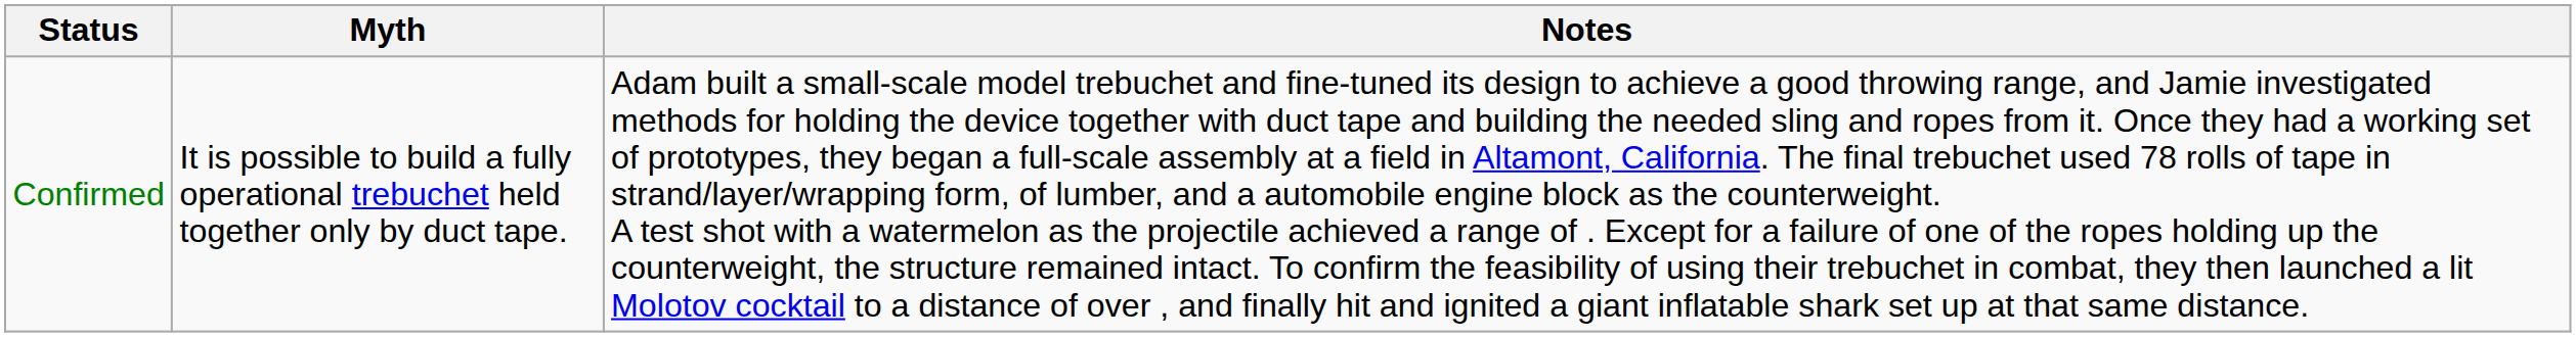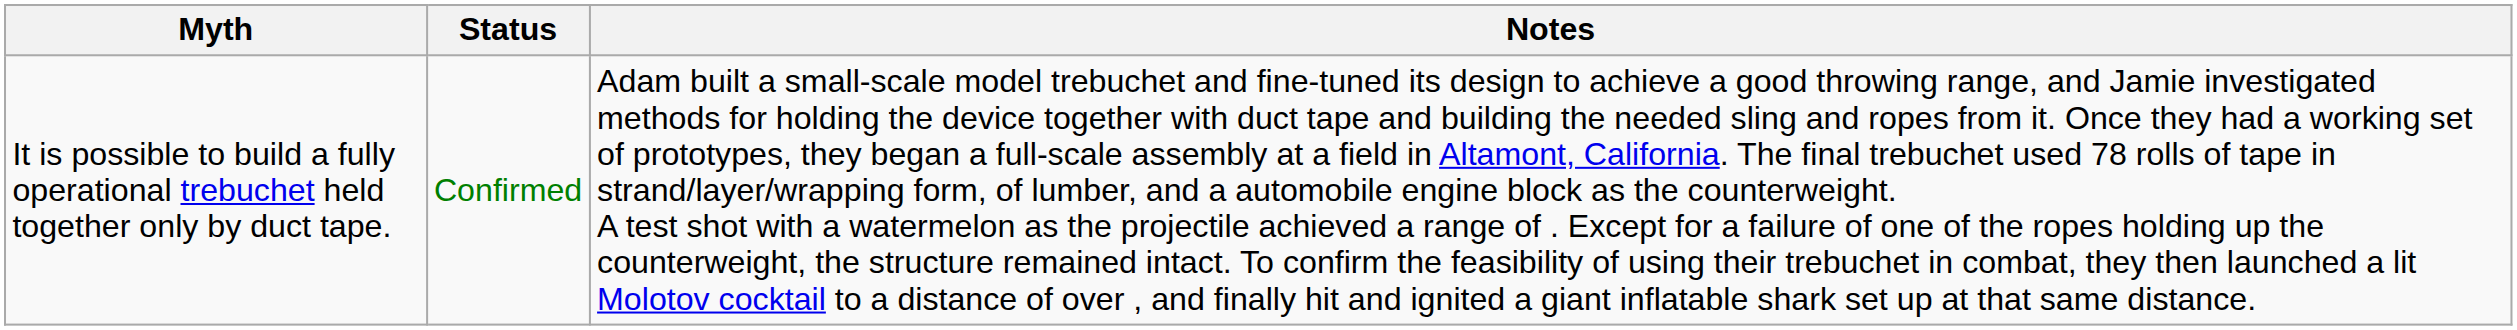 <table class="wikitable plainrowheaders">
 <tr>
+<th scope"col">Myth</th>
 <th scope"col">Status</th>
-<th scope"col">Myth</th>
 <th scope"col">Notes</th>
 </tr>
 <tr>
+<td scope"row">It is possible to build a fully operational <a href='#'>trebuchet</a> held together only by duct tape.</td>
 <td style="color:green">Confirmed</td>
-<td scope"row">It is possible to build a fully operational <a href='#'>trebuchet</a> held together only by duct tape.</td>
 <td>Adam built a small-scale model trebuchet and fine-tuned its design to achieve a good throwing range, and Jamie investigated methods for holding the device together with duct tape and building the needed sling and ropes from it. Once they had a working set of prototypes, they began a full-scale assembly at a field in <a href='#'>Altamont, California</a>. The final trebuchet used 78 rolls of tape in strand/layer/wrapping form,  of lumber, and a  automobile engine block as the counterweight.<br>A test shot with a watermelon as the projectile achieved a range of . Except for a failure of one of the ropes holding up the counterweight, the structure remained intact. To confirm the feasibility of using their trebuchet in combat, they then launched a lit <a href='#'>Molotov cocktail</a> to a distance of over , and finally hit and ignited a giant inflatable shark set up at that same distance.</td>
 </tr>
 </table>
